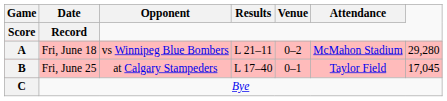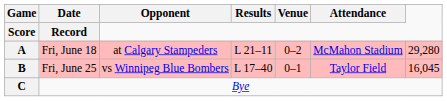 <table class="wikitable" style="text-align:center">
 <tr>
 <th>Game</th>
 <th>Date</th>
 <th>Opponent</th>
 <th>Results</th>
 <th>Venue</th>
 <th>Attendance</th>
 </tr>
 <tr>
 <th>Score</th>
 <th>Record</th>
 </tr>
 <tr style="background:#ffbbbb">
 <th>A</th>
 <td>Fri, June 18</td>
-<td>vs <a href='#'>Winnipeg Blue Bombers</a></td>
+<td>at <a href='#'>Calgary Stampeders</a></td>
 <td>L 21–11</td>
 <td>0–2</td>
 <td><a href='#'>McMahon Stadium</a></td>
 <td>29,280</td>
 </tr>
 <tr style="background:#ffbbbb">
 <th>B</th>
 <td>Fri, June 25</td>
-<td>at <a href='#'>Calgary Stampeders</a></td>
+<td>vs <a href='#'>Winnipeg Blue Bombers</a></td>
 <td>L 17–40</td>
 <td>0–1</td>
 <td><a href='#'>Taylor Field</a></td>
-<td>17,045</td>
+<td>16,045</td>
 </tr>
 <tr>
 <th>C</th>
 <td colspan=7><em><a href='#'>Bye</a></em></td>
 </tr>
 </table>
